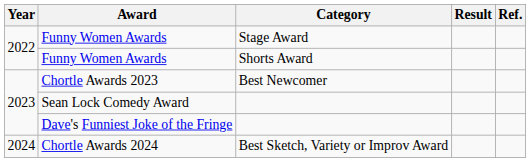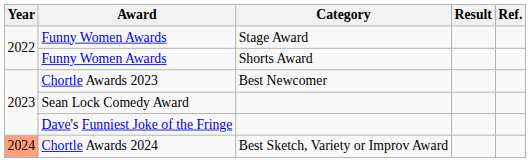 <table class="wikitable sortable">
 <tr>
 <th scope=col>Year</th>
 <th scope=col>Award</th>
 <th scope=col>Category</th>
 <th scope=col>Result</th>
 <th scope=col class=unsortable>Ref.</th>
 </tr>
 <tr>
 <td rowspan=2>2022</td>
 <td><a href='#'> Funny Women Awards</a></td>
 <td>Stage Award</td>
 <td></td>
 <td></td>
 </tr>
 <tr>
 <td><a href='#'> Funny Women Awards</a></td>
 <td>Shorts Award</td>
 <td></td>
 <td></td>
 </tr>
 <tr>
 <td rowspan=3>2023</td>
 <td><a href='#'>Chortle</a> Awards 2023</td>
 <td>Best Newcomer</td>
 <td></td>
 <td></td>
 </tr>
 <tr>
 <td>Sean Lock Comedy Award</td>
 <td></td>
 <td></td>
 <td></td>
 </tr>
 <tr>
 <td><a href='#'>Dave</a>'s <a href='#'>Funniest Joke of the Fringe</a></td>
 <td></td>
 <td></td>
 <td></td>
 </tr>
 <tr>
-<td rowspan=1>2024</td>
+<td rowspan=1 style="background: lightsalmon;">2024</td>
 <td><a href='#'>Chortle</a> Awards 2024</td>
 <td>Best Sketch, Variety or Improv Award</td>
 <td></td>
 <td></td>
 </tr>
 </table>
